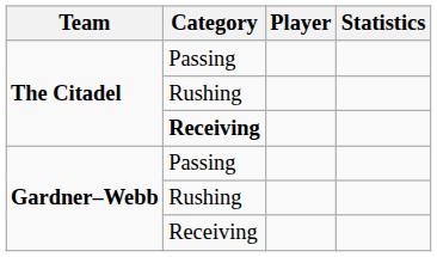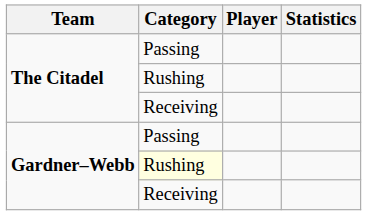 <table class="wikitable" style="float: right;">
 <tr>
 <th>Team</th>
 <th>Category</th>
 <th>Player</th>
 <th>Statistics</th>
 </tr>
 <tr>
 <td rowspan=3><strong>The Citadel</strong></td>
 <td>Passing</td>
 <td></td>
 <td></td>
 </tr>
 <tr>
 <td>Rushing</td>
 <td></td>
 <td></td>
 </tr>
 <tr>
-<td><strong>Receiving</strong></td>
+<td>Receiving</td>
 <td></td>
 <td></td>
 </tr>
 <tr>
 <td rowspan=3><strong>Gardner–Webb</strong></td>
 <td>Passing</td>
 <td></td>
 <td></td>
 </tr>
 <tr>
-<td>Rushing</td>
+<td style="background: lightyellow;">Rushing</td>
 <td></td>
 <td></td>
 </tr>
 <tr>
 <td>Receiving</td>
 <td></td>
 <td></td>
 </tr>
 </table>
